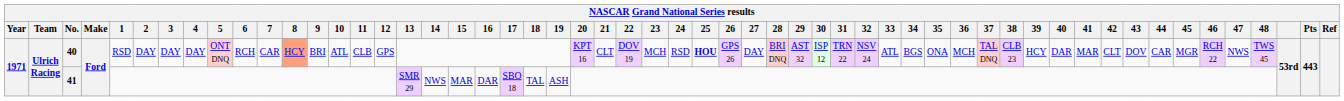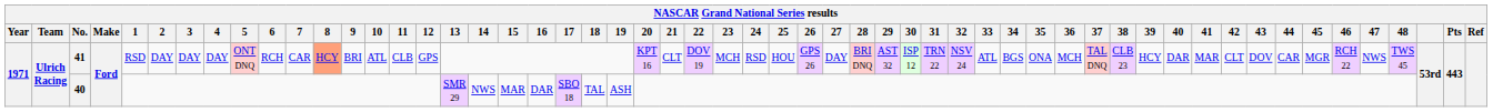 <table class="wikitable" style="text-align:center; font-size:75%">
 <tr>
 <th colspan="68"><a href='#'>NASCAR</a> <a href='#'>Grand National Series</a> results</th>
 </tr>
 <tr>
 <th>Year</th>
 <th>Team</th>
 <th>No.</th>
 <th>Make</th>
 <th>1</th>
 <th>2</th>
 <th>3</th>
 <th>4</th>
 <th>5</th>
 <th>6</th>
 <th>7</th>
 <th>8</th>
 <th>9</th>
 <th>10</th>
 <th>11</th>
 <th>12</th>
 <th>13</th>
 <th>14</th>
 <th>15</th>
 <th>16</th>
 <th>17</th>
 <th>18</th>
 <th>19</th>
 <th>20</th>
 <th>21</th>
 <th>22</th>
 <th>23</th>
 <th>24</th>
 <th>25</th>
 <th>26</th>
 <th>27</th>
 <th>28</th>
 <th>29</th>
 <th>30</th>
 <th>31</th>
 <th>32</th>
 <th>33</th>
 <th>34</th>
 <th>35</th>
 <th>36</th>
 <th>37</th>
 <th>38</th>
 <th>39</th>
 <th>40</th>
 <th>41</th>
 <th>42</th>
 <th>43</th>
 <th>44</th>
 <th>45</th>
 <th>46</th>
 <th>47</th>
 <th>48</th>
 <th></th>
 <th>Pts</th>
 <th>Ref</th>
 </tr>
 <tr>
 <th rowspan=2><a href='#'>1971</a></th>
 <th rowspan=2><a href='#'>Ulrich Racing</a></th>
-<th>40</th>
+<th>41</th>
 <th rowspan=2><a href='#'>Ford</a></th>
 <td><a href='#'>RSD</a></td>
 <td><a href='#'>DAY</a></td>
 <td><a href='#'>DAY</a></td>
 <td><a href='#'>DAY</a></td>
 <td style="background:#FFCFCF;"><a href='#'>ONT</a><br><small>DNQ</small></td>
 <td><a href='#'>RCH</a></td>
 <td><a href='#'>CAR</a></td>
 <td style="background: lightsalmon;"><a href='#'>HCY</a></td>
 <td><a href='#'>BRI</a></td>
 <td><a href='#'>ATL</a></td>
 <td><a href='#'>CLB</a></td>
 <td><a href='#'>GPS</a></td>
 <td colspan=7></td>
 <td style="background:#EFCFFF;"><a href='#'>KPT</a><br><small>16</small></td>
 <td><a href='#'>CLT</a></td>
 <td style="background:#EFCFFF;"><a href='#'>DOV</a><br><small>19</small></td>
 <td><a href='#'>MCH</a></td>
 <td><a href='#'>RSD</a></td>
-<td><strong><a href='#'>HOU</a></strong></td>
+<td><a href='#'>HOU</a></td>
 <td style="background:#EFCFFF;"><a href='#'>GPS</a><br><small>26</small></td>
 <td><a href='#'>DAY</a></td>
 <td style="background:#FFCFCF;"><a href='#'>BRI</a><br><small>DNQ</small></td>
 <td style="background:#EFCFFF;"><a href='#'>AST</a><br><small>32</small></td>
 <td style="background:#DFFFDF;"><a href='#'>ISP</a><br><small>12</small></td>
 <td style="background:#EFCFFF;"><a href='#'>TRN</a><br><small>22</small></td>
 <td style="background:#EFCFFF;"><a href='#'>NSV</a><br><small>24</small></td>
 <td><a href='#'>ATL</a></td>
 <td><a href='#'>BGS</a></td>
 <td><a href='#'>ONA</a></td>
 <td><a href='#'>MCH</a></td>
 <td style="background:#FFCFCF;"><a href='#'>TAL</a><br><small>DNQ</small></td>
 <td style="background:#EFCFFF;"><a href='#'>CLB</a><br><small>23</small></td>
 <td><a href='#'>HCY</a></td>
 <td><a href='#'>DAR</a></td>
 <td><a href='#'>MAR</a></td>
 <td><a href='#'>CLT</a></td>
 <td><a href='#'>DOV</a></td>
 <td><a href='#'>CAR</a></td>
 <td><a href='#'>MGR</a></td>
 <td style="background:#EFCFFF;"><a href='#'>RCH</a><br><small>22</small></td>
 <td><a href='#'>NWS</a></td>
 <td style="background:#EFCFFF;"><a href='#'>TWS</a><br><small>45</small></td>
 <th rowspan=2>53rd</th>
 <th rowspan=2>443</th>
 <th rowspan=2></th>
 </tr>
 <tr>
-<th>41</th>
+<th>40</th>
 <td colspan=12></td>
 <td style="background:#EFCFFF;"><a href='#'>SMR</a><br><small>29</small></td>
 <td><a href='#'>NWS</a></td>
 <td><a href='#'>MAR</a></td>
 <td><a href='#'>DAR</a></td>
 <td style="background:#EFCFFF;"><a href='#'>SBO</a><br><small>18</small></td>
 <td><a href='#'>TAL</a></td>
 <td><a href='#'>ASH</a></td>
 <td colspan=29></td>
 </tr>
 </table>
